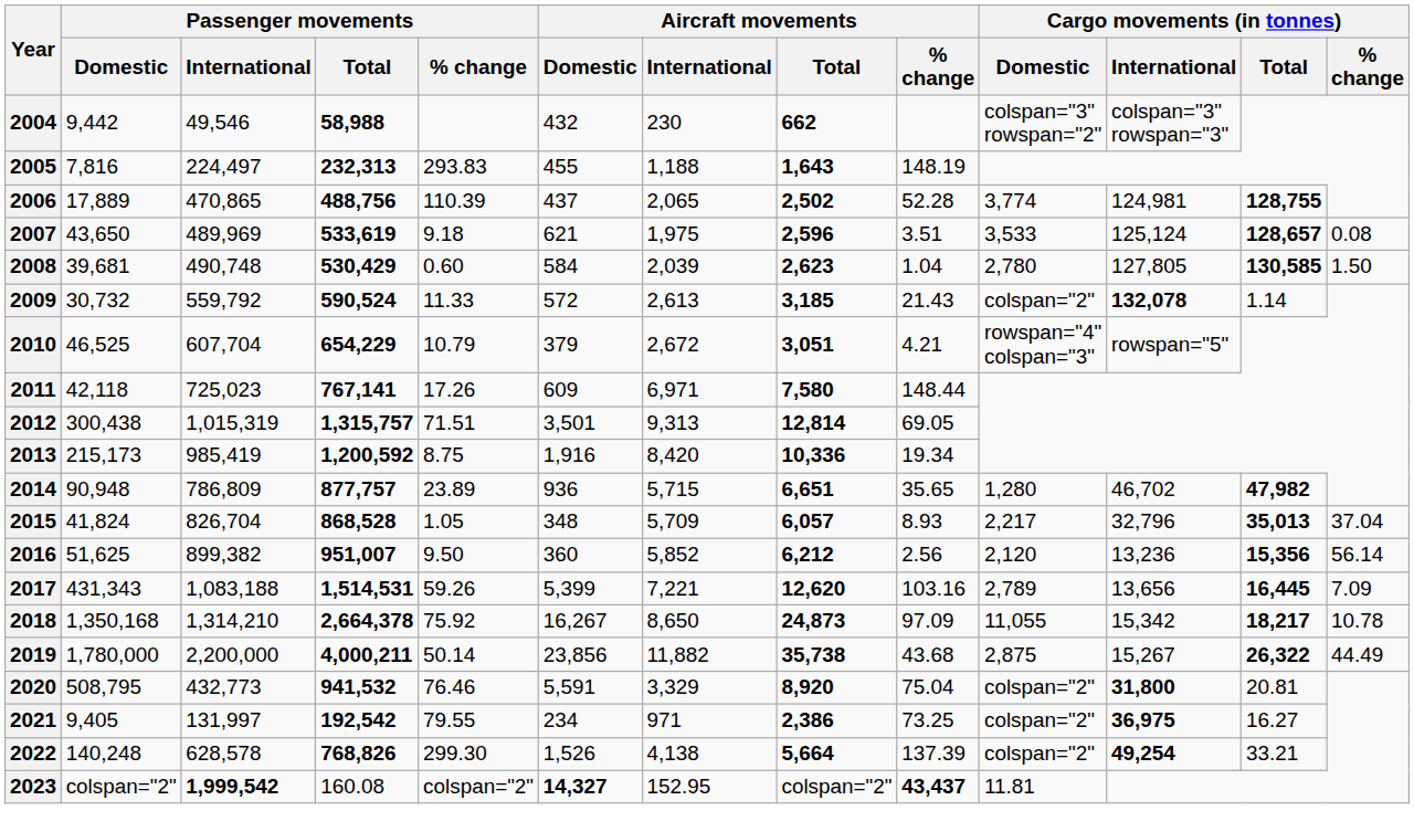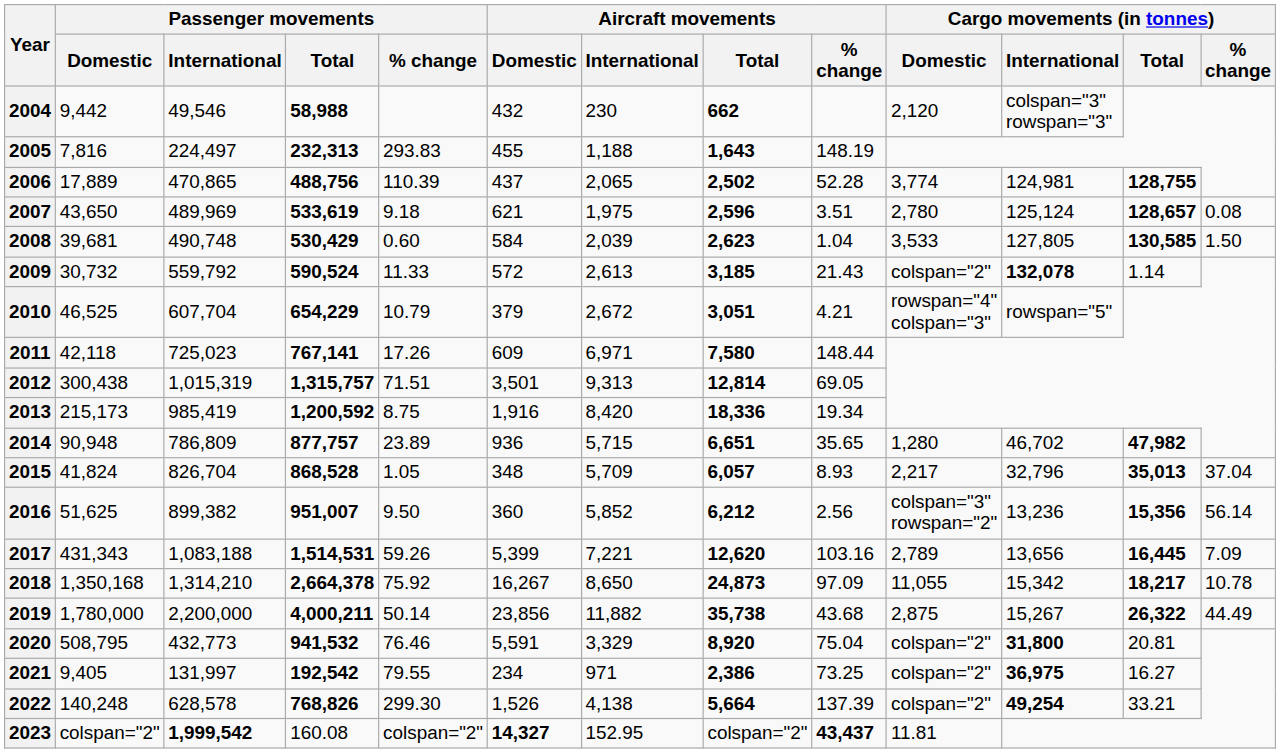 <table class="wikitable sortable">
 <tr>
 <th rowspan="2">Year</th>
 <th colspan="4">Passenger movements</th>
 <th colspan="4">Aircraft movements</th>
 <th colspan="4">Cargo movements (in <a href='#'>tonnes</a>)</th>
 </tr>
 <tr>
 <th>Domestic</th>
 <th>International</th>
 <th>Total</th>
 <th>% change</th>
 <th>Domestic</th>
 <th>International</th>
 <th>Total</th>
 <th>% change</th>
 <th>Domestic</th>
 <th>International</th>
 <th>Total</th>
 <th>% change</th>
 </tr>
 <tr>
 <th>2004</th>
 <td>9,442</td>
 <td>49,546</td>
 <td><strong>58,988</strong></td>
 <td></td>
 <td>432</td>
 <td>230</td>
 <td><strong>662</strong></td>
 <td></td>
-<td>colspan="3" rowspan="2" </td>
+<td>2,120</td>
 <td>colspan="3" rowspan="3" </td>
 </tr>
 <tr>
 <th>2005</th>
 <td>7,816</td>
 <td>224,497</td>
 <td><strong>232,313</strong></td>
 <td> 293.83</td>
 <td>455</td>
 <td>1,188</td>
 <td><strong>1,643</strong></td>
 <td> 148.19</td>
 </tr>
 <tr>
 <th>2006</th>
 <td>17,889</td>
 <td>470,865</td>
 <td><strong>488,756</strong></td>
 <td> 110.39</td>
 <td>437</td>
 <td>2,065</td>
 <td><strong>2,502</strong></td>
 <td> 52.28</td>
 <td>3,774</td>
 <td>124,981</td>
 <td><strong>128,755</strong></td>
 </tr>
 <tr>
 <th>2007</th>
 <td>43,650</td>
 <td>489,969</td>
 <td><strong>533,619</strong></td>
 <td> 9.18</td>
 <td>621</td>
 <td>1,975</td>
 <td><strong>2,596</strong></td>
 <td> 3.51</td>
-<td>3,533</td>
+<td>2,780</td>
 <td>125,124</td>
 <td><strong>128,657</strong></td>
 <td> 0.08</td>
 </tr>
 <tr>
 <th>2008</th>
 <td>39,681</td>
 <td>490,748</td>
 <td><strong>530,429</strong></td>
 <td> 0.60</td>
 <td>584</td>
 <td>2,039</td>
 <td><strong>2,623</strong></td>
 <td> 1.04</td>
-<td>2,780</td>
+<td>3,533</td>
 <td>127,805</td>
 <td><strong>130,585</strong></td>
 <td> 1.50</td>
 </tr>
 <tr>
 <th>2009</th>
 <td>30,732</td>
 <td>559,792</td>
 <td><strong>590,524</strong></td>
 <td> 11.33</td>
 <td>572</td>
 <td>2,613</td>
 <td><strong>3,185</strong></td>
 <td> 21.43</td>
 <td>colspan="2" </td>
 <td><strong>132,078</strong></td>
 <td> 1.14</td>
 </tr>
 <tr>
 <th>2010</th>
 <td>46,525</td>
 <td>607,704</td>
 <td><strong>654,229</strong></td>
 <td> 10.79</td>
 <td>379</td>
 <td>2,672</td>
 <td><strong>3,051</strong></td>
 <td> 4.21</td>
 <td>rowspan="4" colspan="3" </td>
 <td>rowspan="5" </td>
 </tr>
 <tr>
 <th>2011</th>
 <td>42,118</td>
 <td>725,023</td>
 <td><strong>767,141</strong></td>
 <td> 17.26</td>
 <td>609</td>
 <td>6,971</td>
 <td><strong>7,580</strong></td>
 <td> 148.44</td>
 </tr>
 <tr>
 <th>2012</th>
 <td>300,438</td>
 <td>1,015,319</td>
 <td><strong>1,315,757</strong></td>
 <td> 71.51</td>
 <td>3,501</td>
 <td>9,313</td>
 <td><strong>12,814</strong></td>
 <td> 69.05</td>
 </tr>
 <tr>
 <th>2013</th>
 <td>215,173</td>
 <td>985,419</td>
 <td><strong>1,200,592</strong></td>
 <td> 8.75</td>
 <td>1,916</td>
 <td>8,420</td>
-<td><strong>10,336</strong></td>
+<td><strong>18,336</strong></td>
 <td> 19.34</td>
 </tr>
 <tr>
 <th>2014</th>
 <td>90,948</td>
 <td>786,809</td>
 <td><strong>877,757</strong></td>
 <td> 23.89</td>
 <td>936</td>
 <td>5,715</td>
 <td><strong>6,651</strong></td>
 <td> 35.65</td>
 <td>1,280</td>
 <td>46,702</td>
 <td><strong>47,982</strong></td>
 </tr>
 <tr>
 <th>2015</th>
 <td>41,824</td>
 <td>826,704</td>
 <td><strong>868,528</strong></td>
 <td> 1.05</td>
 <td>348</td>
 <td>5,709</td>
 <td><strong>6,057</strong></td>
 <td> 8.93</td>
 <td>2,217</td>
 <td>32,796</td>
 <td><strong>35,013</strong></td>
 <td> 37.04</td>
 </tr>
 <tr>
 <th>2016</th>
 <td>51,625</td>
 <td>899,382</td>
 <td><strong>951,007</strong></td>
 <td> 9.50</td>
 <td>360</td>
 <td>5,852</td>
 <td><strong>6,212</strong></td>
 <td> 2.56</td>
-<td>2,120</td>
+<td>colspan="3" rowspan="2" </td>
 <td>13,236</td>
 <td><strong>15,356</strong></td>
 <td> 56.14</td>
 </tr>
 <tr>
 <th>2017</th>
 <td>431,343</td>
 <td>1,083,188</td>
 <td><strong>1,514,531</strong></td>
 <td> 59.26</td>
 <td>5,399</td>
 <td>7,221</td>
 <td><strong>12,620</strong></td>
 <td> 103.16</td>
 <td>2,789</td>
 <td>13,656</td>
 <td><strong>16,445</strong></td>
 <td> 7.09</td>
 </tr>
 <tr>
 <th>2018</th>
 <td>1,350,168</td>
 <td>1,314,210</td>
 <td><strong>2,664,378</strong></td>
 <td> 75.92</td>
 <td>16,267</td>
 <td>8,650</td>
 <td><strong>24,873</strong></td>
 <td> 97.09</td>
 <td>11,055</td>
 <td>15,342</td>
 <td><strong>18,217</strong></td>
 <td> 10.78</td>
 </tr>
 <tr>
 <th>2019</th>
 <td>1,780,000</td>
 <td>2,200,000</td>
 <td><strong>4,000,211</strong></td>
 <td> 50.14</td>
 <td>23,856</td>
 <td>11,882</td>
 <td><strong>35,738</strong></td>
 <td> 43.68</td>
 <td>2,875</td>
 <td>15,267</td>
 <td><strong>26,322</strong></td>
 <td> 44.49</td>
 </tr>
 <tr>
 <th>2020</th>
 <td>508,795</td>
 <td>432,773</td>
 <td><strong>941,532</strong></td>
 <td> 76.46</td>
 <td>5,591</td>
 <td>3,329</td>
 <td><strong>8,920</strong></td>
 <td> 75.04</td>
 <td>colspan="2" </td>
 <td><strong>31,800</strong></td>
 <td> 20.81</td>
 </tr>
 <tr>
 <th>2021</th>
 <td>9,405</td>
 <td>131,997</td>
 <td><strong>192,542</strong></td>
 <td> 79.55</td>
 <td>234</td>
 <td>971</td>
 <td><strong>2,386</strong></td>
 <td> 73.25</td>
 <td>colspan="2" </td>
 <td><strong>36,975</strong></td>
 <td> 16.27</td>
 </tr>
 <tr>
 <th>2022</th>
 <td>140,248</td>
 <td>628,578</td>
 <td><strong>768,826</strong></td>
 <td> 299.30</td>
 <td>1,526</td>
 <td>4,138</td>
 <td><strong>5,664</strong></td>
 <td> 137.39</td>
 <td>colspan="2" </td>
 <td><strong>49,254</strong></td>
 <td> 33.21</td>
 </tr>
 <tr>
 <th>2023</th>
 <td>colspan="2" </td>
 <td><strong>1,999,542</strong></td>
 <td> 160.08</td>
 <td>colspan="2" </td>
 <td><strong>14,327</strong></td>
 <td> 152.95</td>
 <td>colspan="2" </td>
 <td><strong>43,437</strong></td>
 <td> 11.81</td>
 </tr>
 </table>
